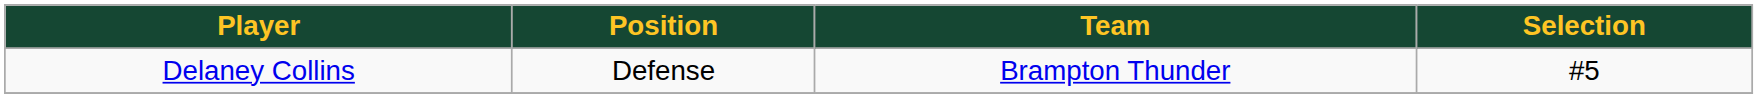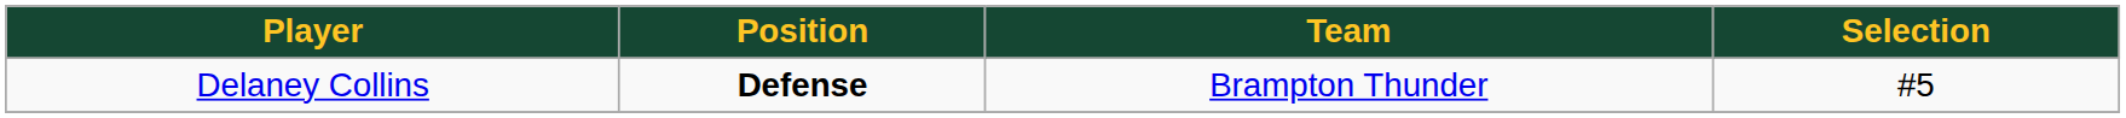 <table class="wikitable" width="80%">
 <tr align="center"  style="background:#154733;color:#FEC524;">
 <td><strong>Player</strong></td>
 <td><strong>Position</strong></td>
 <td><strong>Team</strong></td>
 <td><strong>Selection</strong></td>
 </tr>
 <tr align="center" bgcolor="">
 <td><a href='#'>Delaney Collins</a></td>
-<td>Defense</td>
+<td><strong>Defense</strong></td>
 <td><a href='#'>Brampton Thunder</a></td>
 <td>#5</td>
 </tr>
 <tr align="center" bgcolor="">
 </tr>
 </table>
